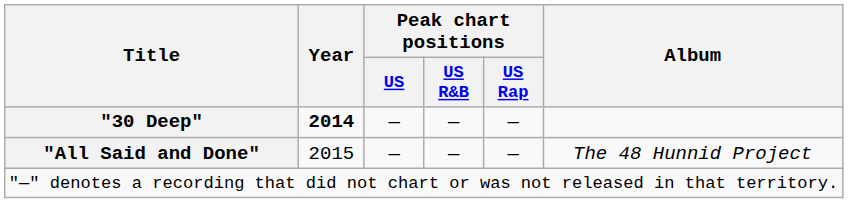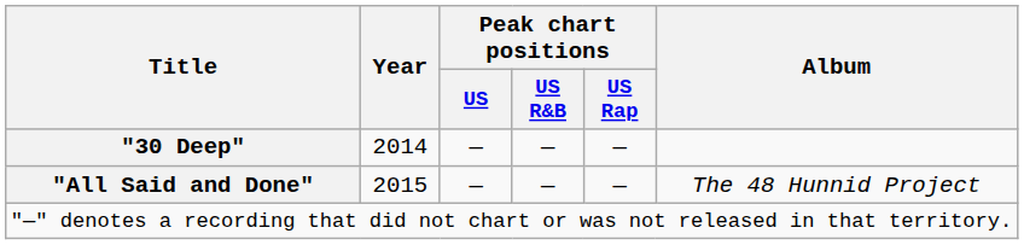 <table class="wikitable plainrowheaders" style="text-align:center;">
 <tr>
 <th scope="col" rowspan="2" style="width:15em;">Title</th>
 <th scope="col" rowspan="2">Year</th>
 <th scope="col" colspan="3">Peak chart positions</th>
 <th scope="col" rowspan="2">Album</th>
 </tr>
 <tr>
 <th scope="col" style="width:3em;font-size:90%;"><a href='#'>US</a></th>
 <th scope="col" style="width:3em;font-size:90%;"><a href='#'>US<br>R&B</a></th>
 <th scope="col" style="width:3em;font-size:90%;"><a href='#'>US<br>Rap</a></th>
 </tr>
 <tr>
 <th scope="row">"30 Deep"</th>
-<td><strong>2014</strong></td>
+<td>2014</td>
 <td>—</td>
 <td>—</td>
 <td>—</td>
 <td></td>
 </tr>
 <tr>
 <th scope="row">"All Said and Done"<br></th>
 <td>2015</td>
 <td>—</td>
 <td>—</td>
 <td>—</td>
 <td><em>The 48 Hunnid Project</em></td>
 </tr>
 <tr>
 <td colspan="15" style="font-size:90%">"—" denotes a recording that did not chart or was not released in that territory.</td>
 </tr>
 </table>
